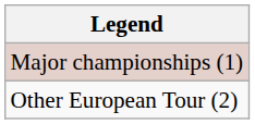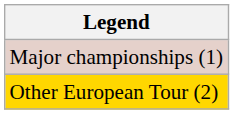 <table class="wikitable" style="font-size:95%;">
 <tr>
 <th>Legend</th>
 </tr>
 <tr style="background:#e5d1cb;">
 <td>Major championships (1)</td>
 </tr>
 <tr>
-<td>Other European Tour (2)</td>
+<td style="background: gold;">Other European Tour (2)</td>
 </tr>
 </table>
